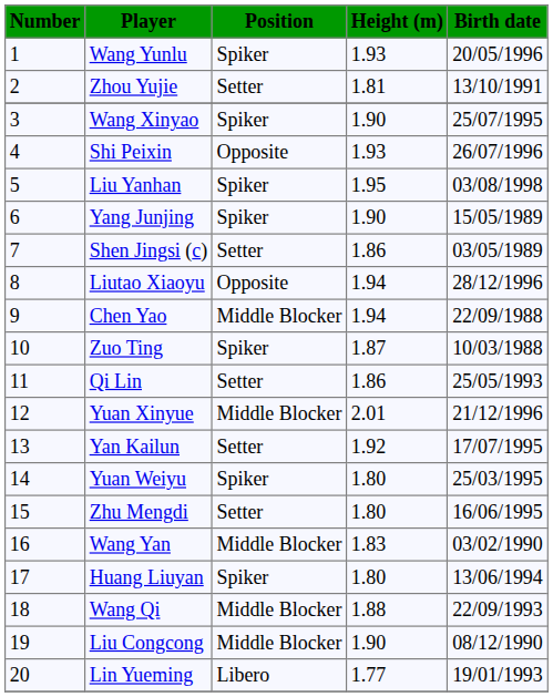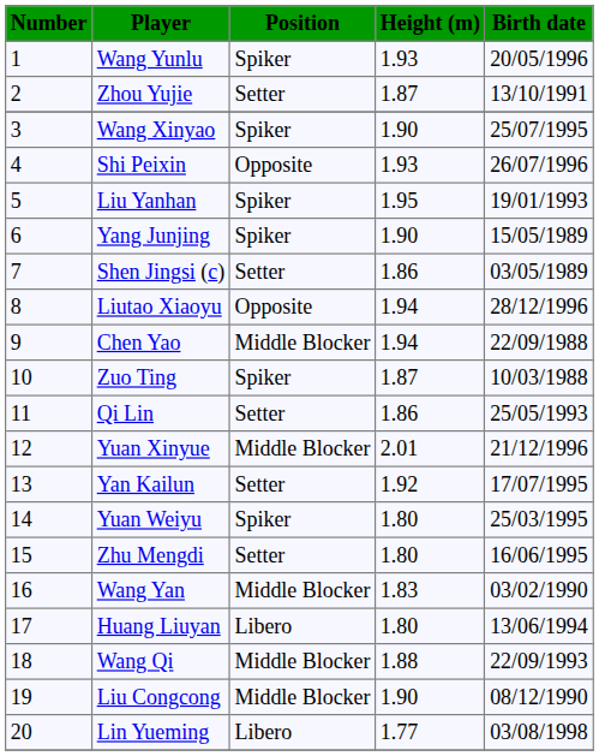 <table bgcolor="#f7f8ff" cellpadding="3" cellspacing="0" border="1" style="font-size: 95%; border: gray solid 1px; border-collapse: collapse;">
 <tr bgcolor="#009900">
 <td align=center><strong>Number</strong></td>
 <td align=center><strong>Player</strong></td>
 <td align=center><strong>Position</strong></td>
 <td align=center><strong>Height (m)</strong></td>
 <td align=center><strong>Birth date</strong></td>
 </tr>
 <tr align="left">
 <td>1</td>
 <td> <a href='#'>Wang Yunlu</a></td>
 <td>Spiker</td>
 <td>1.93</td>
 <td>20/05/1996</td>
 </tr>
 <tr align=left>
 <td>2</td>
 <td> <a href='#'>Zhou Yujie</a></td>
 <td>Setter</td>
-<td>1.81</td>
+<td>1.87</td>
 <td>13/10/1991</td>
 </tr>
 <tr align="left">
 </tr>
 <tr align="left">
 <td>3</td>
 <td> <a href='#'>Wang Xinyao</a></td>
 <td>Spiker</td>
 <td>1.90</td>
 <td>25/07/1995</td>
 </tr>
 <tr align=left>
 <td>4</td>
 <td> <a href='#'>Shi Peixin</a></td>
 <td>Opposite</td>
 <td>1.93</td>
 <td>26/07/1996</td>
 </tr>
 <tr align=left>
 <td>5</td>
 <td> <a href='#'>Liu Yanhan</a></td>
 <td>Spiker</td>
 <td>1.95</td>
-<td>03/08/1998</td>
+<td>19/01/1993</td>
 </tr>
 <tr align=left>
 <td>6</td>
 <td> <a href='#'>Yang Junjing</a></td>
 <td>Spiker</td>
 <td>1.90</td>
 <td>15/05/1989</td>
 </tr>
 <tr align="left">
 <td>7</td>
 <td> <a href='#'>Shen Jingsi</a> (<a href='#'>c</a>)</td>
 <td>Setter</td>
 <td>1.86</td>
 <td>03/05/1989</td>
 </tr>
 <tr align="left">
 <td>8</td>
 <td> <a href='#'>Liutao Xiaoyu</a></td>
 <td>Opposite</td>
 <td>1.94</td>
 <td>28/12/1996</td>
 </tr>
 <tr align="left">
 <td>9</td>
 <td> <a href='#'>Chen Yao</a></td>
 <td>Middle Blocker</td>
 <td>1.94</td>
 <td>22/09/1988</td>
 </tr>
 <tr align="left">
 <td>10</td>
 <td> <a href='#'>Zuo Ting</a></td>
 <td>Spiker</td>
 <td>1.87</td>
 <td>10/03/1988</td>
 </tr>
 <tr align="left">
 <td>11</td>
 <td> <a href='#'>Qi Lin</a></td>
 <td>Setter</td>
 <td>1.86</td>
 <td>25/05/1993</td>
 </tr>
 <tr align="left">
 <td>12</td>
 <td> <a href='#'>Yuan Xinyue</a></td>
 <td>Middle Blocker</td>
 <td>2.01</td>
 <td>21/12/1996</td>
 </tr>
 <tr align="left">
 <td>13</td>
 <td> <a href='#'>Yan Kailun</a></td>
 <td>Setter</td>
 <td>1.92</td>
 <td>17/07/1995</td>
 </tr>
 <tr align=left>
 <td>14</td>
 <td> <a href='#'>Yuan Weiyu</a></td>
 <td>Spiker</td>
 <td>1.80</td>
 <td>25/03/1995</td>
 </tr>
 <tr align=left>
 <td>15</td>
 <td> <a href='#'>Zhu Mengdi</a></td>
 <td>Setter</td>
 <td>1.80</td>
 <td>16/06/1995</td>
 </tr>
 <tr align=left>
 <td>16</td>
 <td> <a href='#'>Wang Yan</a></td>
 <td>Middle Blocker</td>
 <td>1.83</td>
 <td>03/02/1990</td>
 </tr>
 <tr align=left>
 <td>17</td>
 <td> <a href='#'>Huang Liuyan</a></td>
-<td>Spiker</td>
+<td>Libero</td>
 <td>1.80</td>
 <td>13/06/1994</td>
 </tr>
 <tr align=left>
 <td>18</td>
 <td> <a href='#'>Wang Qi</a></td>
 <td>Middle Blocker</td>
 <td>1.88</td>
 <td>22/09/1993</td>
 </tr>
 <tr align=left>
 <td>19</td>
 <td> <a href='#'>Liu Congcong</a></td>
 <td>Middle Blocker</td>
 <td>1.90</td>
 <td>08/12/1990</td>
 </tr>
 <tr align=left>
 <td>20</td>
 <td> <a href='#'>Lin Yueming</a></td>
 <td>Libero</td>
 <td>1.77</td>
-<td>19/01/1993</td>
+<td>03/08/1998</td>
 </tr>
 <tr align=left>
 </tr>
 </table>
